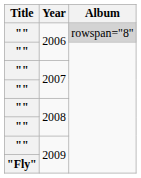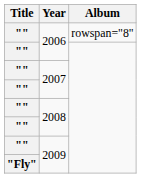 <table class="wikitable plainrowheaders" style="text-align:center;">
 <tr>
 <th scope="col">Title</th>
 <th scope="col">Year</th>
 <th scope="col">Album</th>
 </tr>
 <tr>
 <th scope="row">""</th>
 <td rowspan="2">2006</td>
-<td style="background: lightgrey;">rowspan="8" </td>
+<td>rowspan="8" </td>
 </tr>
 <tr>
 <th scope="row">""</th>
 </tr>
 <tr>
 <th scope="row">""<br></th>
 <td rowspan="2">2007</td>
 </tr>
 <tr>
 <th scope="row">""</th>
 </tr>
 <tr>
 <th scope="row">""<br></th>
 <td rowspan="2">2008</td>
 </tr>
 <tr>
 <th scope="row">""<br></th>
 </tr>
 <tr>
 <th scope="row">""</th>
 <td rowspan="2">2009</td>
 </tr>
 <tr>
 <th scope="row">"Fly"<br></th>
 </tr>
 </table>
